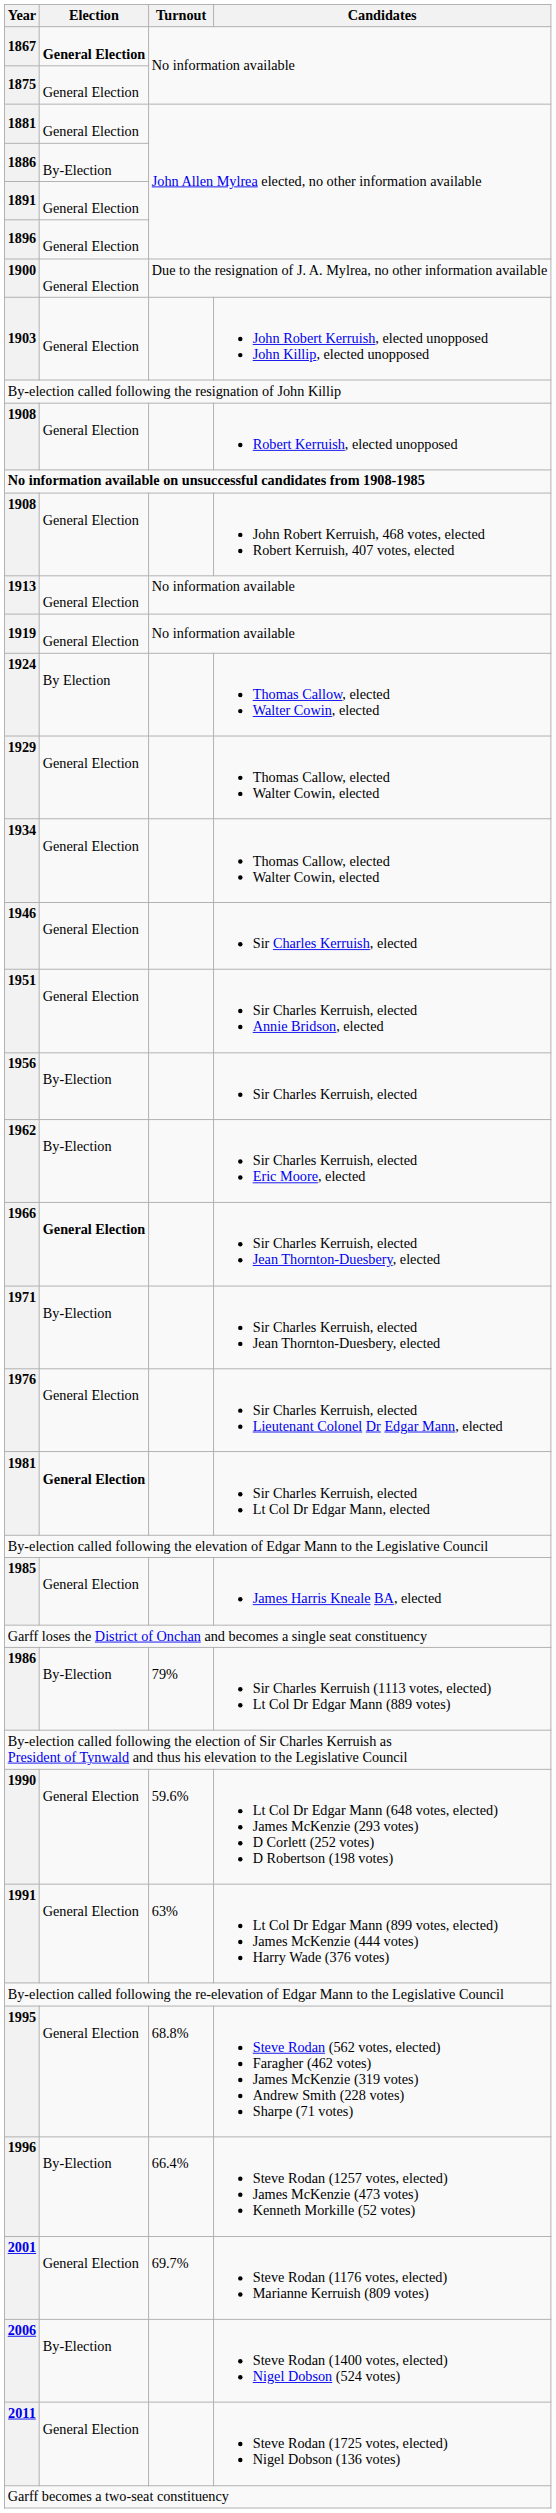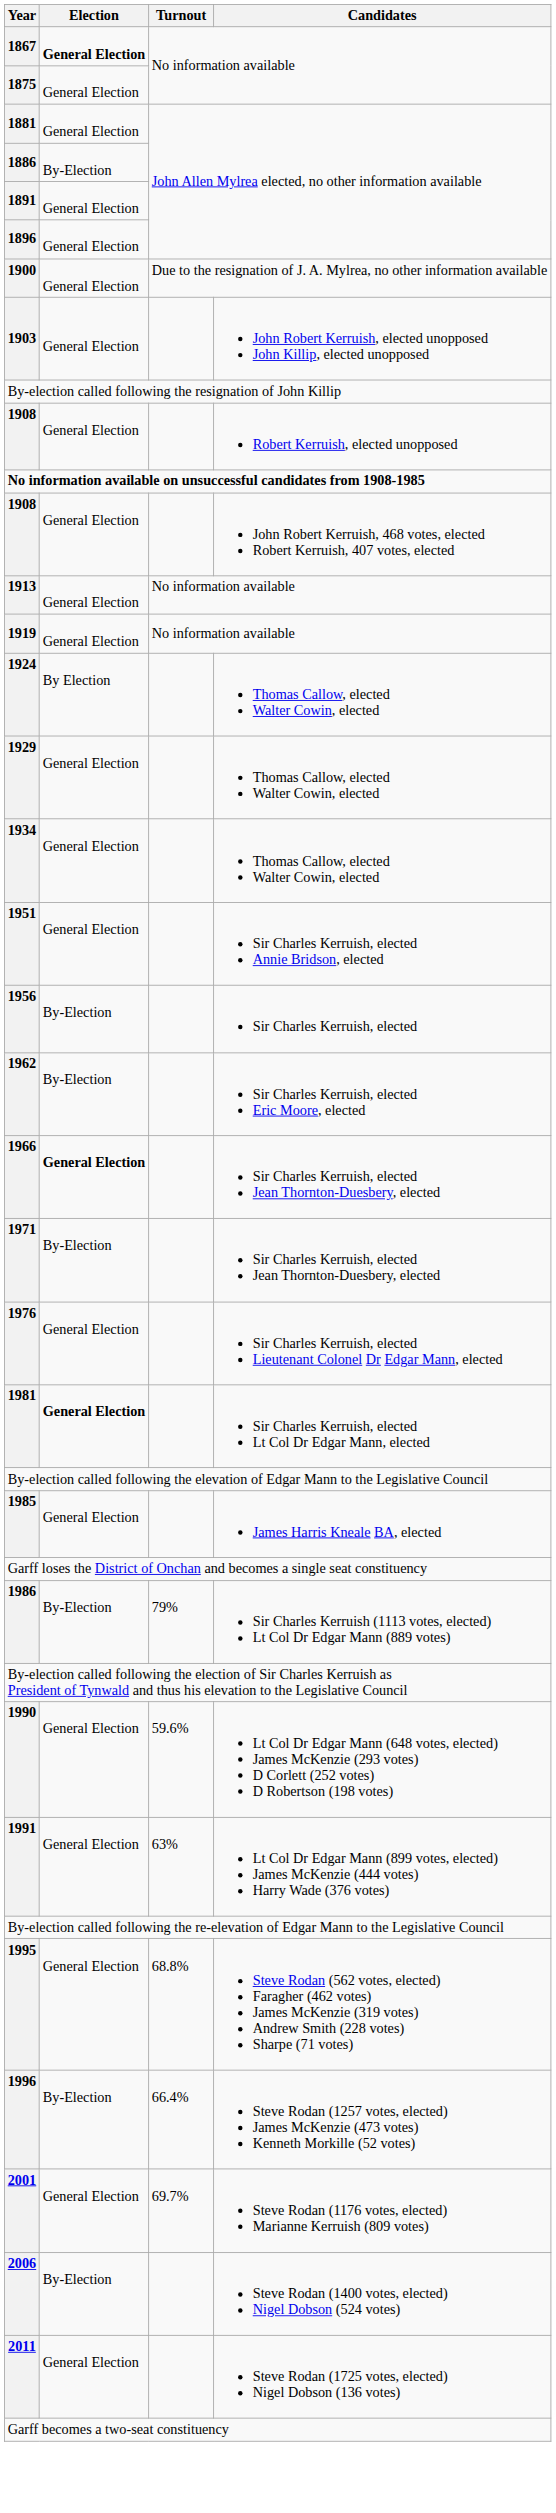 <table class="wikitable" border="1">
 <tr>
 <th>Year</th>
 <th>Election</th>
 <th>Turnout</th>
 <th>Candidates</th>
 </tr>
 <tr>
 <th>1867</th>
 <td><strong><br>General Election</strong></td>
 <td colspan="2" rowspan="2">No information available</td>
 </tr>
 <tr>
 <th>1875</th>
 <td><br>General Election</td>
 </tr>
 <tr>
 <th>1881</th>
 <td><br>General Election</td>
 <td colspan="2" rowspan="4"><a href='#'>John Allen Mylrea</a> elected, no other information available</td>
 </tr>
 <tr>
 <th>1886</th>
 <td><br>By-Election</td>
 </tr>
 <tr>
 <th>1891</th>
 <td><br>General Election</td>
 </tr>
 <tr>
 <th>1896</th>
 <td><br>General Election</td>
 </tr>
 <tr valign="top">
 <th>1900</th>
 <td><br>General Election</td>
 <td colspan="2">Due to the resignation of J. A. Mylrea, no other information available</td>
 </tr>
 <tr>
 <th>1903</th>
 <td><br>General Election</td>
 <td></td>
 <td><br><ul><li><a href='#'>John Robert Kerruish</a>, elected unopposed</li><li><a href='#'>John Killip</a>, elected unopposed</li></ul></td>
 </tr>
 <tr>
 <td colspan="4">By-election called following the resignation of John Killip</td>
 </tr>
 <tr valign="top">
 <th>1908</th>
 <td><br>General Election</td>
 <td></td>
 <td><br><ul><li><a href='#'>Robert Kerruish</a>, elected unopposed</li></ul></td>
 </tr>
 <tr>
 <td colspan="4"><strong>No information available on unsuccessful candidates from 1908-1985</strong></td>
 </tr>
 <tr valign="top">
 <th>1908</th>
 <td><br>General Election</td>
 <td></td>
 <td><br><ul><li>John Robert Kerruish, 468 votes, elected</li><li>Robert Kerruish, 407 votes, elected</li></ul></td>
 </tr>
 <tr valign="top">
 <th>1913</th>
 <td><br>General Election</td>
 <td colspan="2">No information available</td>
 </tr>
 <tr>
 <th>1919</th>
 <td><br>General Election</td>
 <td colspan="2">No information available</td>
 </tr>
 <tr valign="top">
 <th>1924</th>
 <td><br>By Election</td>
 <td></td>
 <td><br><ul><li><a href='#'>Thomas Callow</a>, elected</li><li><a href='#'>Walter Cowin</a>, elected</li></ul></td>
 </tr>
 <tr valign="top">
 <th>1929</th>
 <td><br>General Election</td>
 <td></td>
 <td><br><ul><li>Thomas Callow, elected</li><li>Walter Cowin, elected</li></ul></td>
 </tr>
 <tr valign="top">
 <th>1934</th>
 <td><br>General Election</td>
 <td></td>
 <td><br><ul><li>Thomas Callow, elected</li><li>Walter Cowin, elected</li></ul></td>
-</tr>
-<tr valign="top">
-<th>1946</th>
-<td><br>General Election</td>
-<td></td>
-<td><br><ul><li>Sir <a href='#'>Charles Kerruish</a>, elected</li></ul></td>
 </tr>
 <tr valign="top">
 <th>1951</th>
 <td><br>General Election</td>
 <td></td>
 <td><br><ul><li>Sir Charles Kerruish, elected</li><li><a href='#'>Annie Bridson</a>, elected</li></ul></td>
 </tr>
 <tr valign="top">
 <th>1956</th>
 <td><br>By-Election</td>
 <td></td>
 <td><br><ul><li>Sir Charles Kerruish, elected</li></ul></td>
 </tr>
 <tr valign="top">
 <th>1962</th>
 <td><br>By-Election</td>
 <td></td>
 <td><br><ul><li>Sir Charles Kerruish, elected</li><li><a href='#'>Eric Moore</a>, elected</li></ul></td>
 </tr>
 <tr valign="top">
 <th>1966</th>
 <td><strong><br>General Election</strong></td>
 <td></td>
 <td><br><ul><li>Sir Charles Kerruish, elected</li><li><a href='#'>Jean Thornton-Duesbery</a>, elected</li></ul></td>
 </tr>
 <tr valign="top">
 <th>1971</th>
 <td><br>By-Election</td>
 <td></td>
 <td><br><ul><li>Sir Charles Kerruish, elected</li><li>Jean Thornton-Duesbery, elected</li></ul></td>
 </tr>
 <tr valign="top">
 <th>1976</th>
 <td><br>General Election</td>
 <td></td>
 <td><br><ul><li>Sir Charles Kerruish, elected</li><li><a href='#'>Lieutenant Colonel</a> <a href='#'>Dr</a> <a href='#'>Edgar Mann</a>, elected</li></ul></td>
 </tr>
 <tr valign="top">
 <th>1981</th>
 <td><strong><br>General Election</strong></td>
 <td></td>
 <td><br><ul><li>Sir Charles Kerruish, elected</li><li>Lt Col Dr Edgar Mann, elected</li></ul></td>
 </tr>
 <tr>
 <td colspan="4">By-election called following the elevation of Edgar Mann to the Legislative Council</td>
 </tr>
 <tr valign="top">
 <th>1985</th>
 <td><br>General Election</td>
 <td></td>
 <td><br><ul><li><a href='#'>James Harris Kneale</a> <a href='#'>BA</a>, elected</li></ul></td>
 </tr>
 <tr>
 <td colspan="4">Garff loses the <a href='#'>District of Onchan</a> and becomes a single seat constituency</td>
 </tr>
 <tr valign="top">
 <th>1986</th>
 <td><br>By-Election</td>
 <td><br>79%</td>
 <td><br><ul><li>Sir Charles Kerruish (1113 votes, elected)</li><li>Lt Col Dr Edgar Mann (889 votes)</li></ul></td>
 </tr>
 <tr>
 <td colspan="4">By-election called following the election of Sir Charles Kerruish as<br><a href='#'>President of Tynwald</a> and thus his elevation to the Legislative Council</td>
 </tr>
 <tr valign="top">
 <th>1990</th>
 <td><br>General Election</td>
 <td><br>59.6%</td>
 <td><br><ul><li>Lt Col Dr Edgar Mann (648 votes, elected)</li><li>James McKenzie (293 votes)</li><li>D Corlett (252 votes)</li><li>D Robertson (198 votes)</li></ul></td>
 </tr>
 <tr valign="top">
 <th>1991</th>
 <td><br>General Election</td>
 <td><br>63%</td>
 <td><br><ul><li>Lt Col Dr Edgar Mann (899 votes, elected)</li><li>James  McKenzie (444 votes)</li><li>Harry Wade (376 votes)</li></ul></td>
 </tr>
 <tr>
 <td colspan="4">By-election called following the re-elevation of Edgar Mann to the Legislative Council</td>
 </tr>
 <tr valign="top">
 <th>1995</th>
 <td><br>General Election</td>
 <td><br>68.8%</td>
 <td><br><ul><li><a href='#'>Steve Rodan</a> (562 votes, elected)</li><li>Faragher (462 votes)</li><li>James McKenzie (319 votes)</li><li>Andrew Smith (228 votes)</li><li>Sharpe (71 votes)</li></ul></td>
 </tr>
 <tr valign="top">
 <th>1996</th>
 <td><br>By-Election</td>
 <td><br>66.4%</td>
 <td><br><ul><li>Steve Rodan (1257 votes, elected)</li><li>James McKenzie (473 votes)</li><li>Kenneth Morkille (52 votes)</li></ul></td>
 </tr>
 <tr valign="top">
 <th><a href='#'>2001</a></th>
 <td><br>General Election</td>
 <td><br>69.7%</td>
 <td><br><ul><li>Steve Rodan (1176 votes, elected)</li><li>Marianne Kerruish (809 votes)</li></ul></td>
 </tr>
 <tr valign="top">
 <th><a href='#'>2006</a></th>
 <td><br>By-Election</td>
 <td></td>
 <td><br><ul><li>Steve Rodan (1400 votes, elected)</li><li><a href='#'>Nigel Dobson</a> (524 votes)</li></ul></td>
 </tr>
 <tr valign="top">
 <th><a href='#'>2011</a></th>
 <td><br>General Election</td>
 <td></td>
 <td><br><ul><li>Steve Rodan (1725 votes, elected)</li><li>Nigel Dobson (136 votes)</li></ul></td>
 </tr>
 <tr>
 <td colspan="4">Garff becomes a two-seat constituency</td>
 </tr>
 </table>
